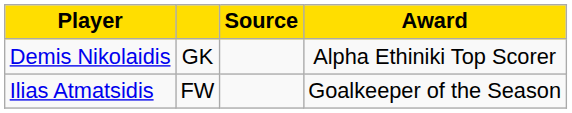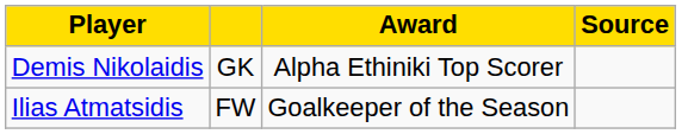 <table class="wikitable">
 <tr>
 <th style="background:#FFDE00">Player</th>
 <th style="background:#FFDE00"></th>
+<th style="background:#FFDE00">Award</th>
 <th style="background:#FFDE00">Source</th>
-<th style="background:#FFDE00">Award</th>
 </tr>
 <tr>
 <td> <a href='#'>Demis Nikolaidis</a></td>
 <td align="center">GK</td>
+<td align="center">Alpha Ethiniki Top Scorer</td>
 <td align="center"></td>
-<td align="center">Alpha Ethiniki Top Scorer</td>
 </tr>
 <tr>
 <td> <a href='#'>Ilias Atmatsidis</a></td>
 <td align="center">FW</td>
+<td align="center">Goalkeeper of the Season</td>
 <td align="center"></td>
-<td align="center">Goalkeeper of the Season</td>
 </tr>
 </table>
